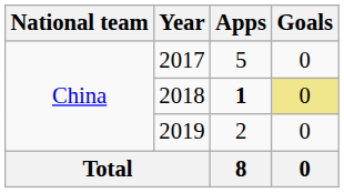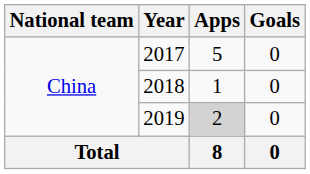 <table class="wikitable" style="text-align:center">
 <tr>
 <th>National team</th>
 <th>Year</th>
 <th>Apps</th>
 <th>Goals</th>
 </tr>
 <tr>
 <td rowspan="3"><a href='#'>China</a></td>
 <td>2017</td>
 <td>5</td>
 <td>0</td>
 </tr>
 <tr>
 <td>2018</td>
-<td><strong>1</strong></td>
-<td style="background: khaki;">0</td>
+<td>1</td>
+<td>0</td>
 </tr>
 <tr>
 <td>2019</td>
-<td>2</td>
+<td style="background: lightgrey;">2</td>
 <td>0</td>
 </tr>
 <tr>
 <th colspan=2>Total</th>
 <th>8</th>
 <th>0</th>
 </tr>
 </table>
